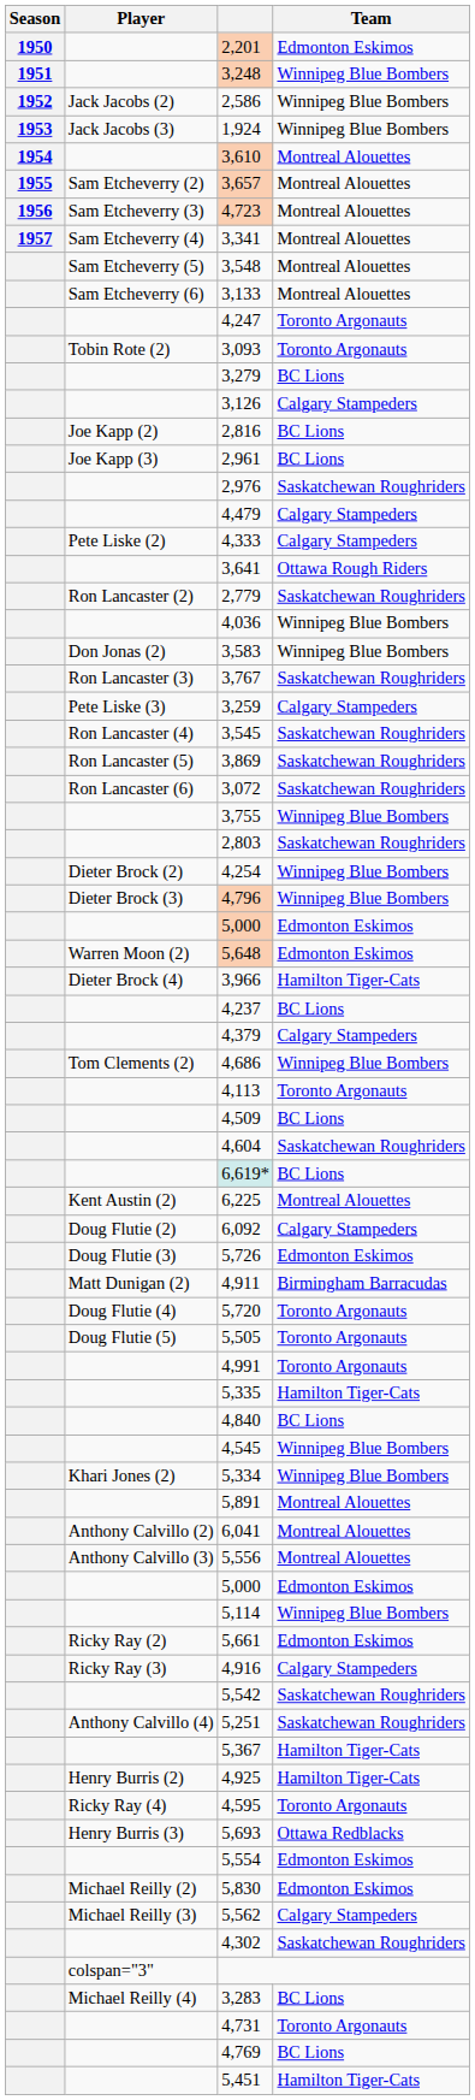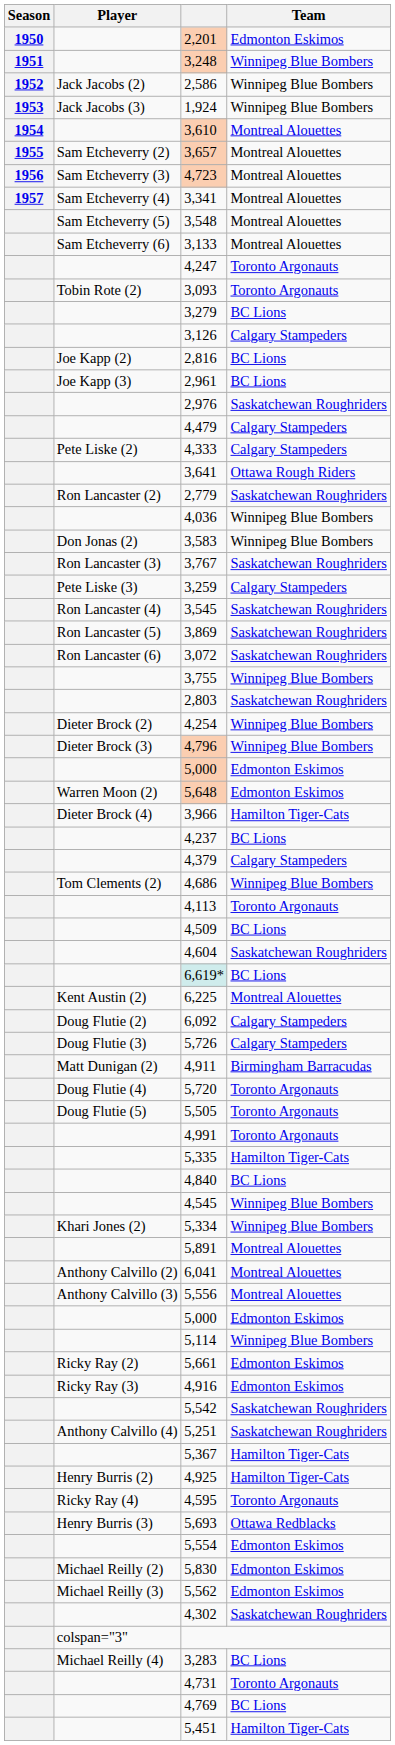 <table class="plainrowheaders sortable wikitable">
 <tr>
 <th scope=col>Season</th>
 <th scope=col>Player</th>
 <th scope=col></th>
 <th scope=col>Team</th>
 </tr>
 <tr>
 <th scope=row><a href='#'>1950</a></th>
 <td></td>
 <td style="background-color:#FBCEB1">2,201</td>
 <td><a href='#'>Edmonton Eskimos</a></td>
 </tr>
 <tr>
 <th scope=row><a href='#'>1951</a></th>
 <td></td>
 <td style="background-color:#FBCEB1">3,248</td>
 <td><a href='#'>Winnipeg Blue Bombers</a></td>
 </tr>
 <tr>
 <th scope=row><a href='#'>1952</a></th>
 <td>Jack Jacobs (2)</td>
 <td>2,586</td>
 <td>Winnipeg Blue Bombers</td>
 </tr>
 <tr>
 <th scope=row><a href='#'>1953</a></th>
 <td>Jack Jacobs (3)</td>
 <td>1,924</td>
 <td>Winnipeg Blue Bombers</td>
 </tr>
 <tr>
 <th scope=row><a href='#'>1954</a></th>
 <td></td>
 <td style="background-color:#FBCEB1">3,610</td>
 <td><a href='#'>Montreal Alouettes</a></td>
 </tr>
 <tr>
 <th scope=row><a href='#'>1955</a></th>
 <td>Sam Etcheverry (2)</td>
 <td style="background-color:#FBCEB1">3,657</td>
 <td>Montreal Alouettes</td>
 </tr>
 <tr>
 <th scope=row><a href='#'>1956</a></th>
 <td>Sam Etcheverry (3)</td>
 <td style="background-color:#FBCEB1">4,723</td>
 <td>Montreal Alouettes</td>
 </tr>
 <tr>
 <th scope=row><a href='#'>1957</a></th>
 <td>Sam Etcheverry (4)</td>
 <td>3,341</td>
 <td>Montreal Alouettes</td>
 </tr>
 <tr>
 <th scope=row></th>
 <td>Sam Etcheverry (5)</td>
 <td>3,548</td>
 <td>Montreal Alouettes</td>
 </tr>
 <tr>
 <th scope=row></th>
 <td>Sam Etcheverry (6)</td>
 <td>3,133</td>
 <td>Montreal Alouettes</td>
 </tr>
 <tr>
 <th scope=row></th>
 <td></td>
 <td>4,247</td>
 <td><a href='#'>Toronto Argonauts</a></td>
 </tr>
 <tr>
 <th scope=row></th>
 <td>Tobin Rote (2)</td>
 <td>3,093</td>
 <td><a href='#'>Toronto Argonauts</a></td>
 </tr>
 <tr>
 <th scope=row></th>
 <td></td>
 <td>3,279</td>
 <td><a href='#'>BC Lions</a></td>
 </tr>
 <tr>
 <th scope=row></th>
 <td></td>
 <td>3,126</td>
 <td><a href='#'>Calgary Stampeders</a></td>
 </tr>
 <tr>
 <th scope=row></th>
 <td>Joe Kapp (2)</td>
 <td>2,816</td>
 <td><a href='#'>BC Lions</a></td>
 </tr>
 <tr>
 <th scope=row></th>
 <td>Joe Kapp (3)</td>
 <td>2,961</td>
 <td><a href='#'>BC Lions</a></td>
 </tr>
 <tr>
 <th scope=row></th>
 <td></td>
 <td>2,976</td>
 <td><a href='#'>Saskatchewan Roughriders</a></td>
 </tr>
 <tr>
 <th scope=row></th>
 <td></td>
 <td>4,479</td>
 <td><a href='#'>Calgary Stampeders</a></td>
 </tr>
 <tr>
 <th scope=row></th>
 <td>Pete Liske (2)</td>
 <td>4,333</td>
 <td><a href='#'>Calgary Stampeders</a></td>
 </tr>
 <tr>
 <th scope=row></th>
 <td></td>
 <td>3,641</td>
 <td><a href='#'>Ottawa Rough Riders</a></td>
 </tr>
 <tr>
 <th scope=row></th>
 <td>Ron Lancaster (2)</td>
 <td>2,779</td>
 <td><a href='#'>Saskatchewan Roughriders</a></td>
 </tr>
 <tr>
 <th scope=row></th>
 <td></td>
 <td>4,036</td>
 <td>Winnipeg Blue Bombers</td>
 </tr>
 <tr>
 <th scope=row></th>
 <td>Don Jonas (2)</td>
 <td>3,583</td>
 <td>Winnipeg Blue Bombers</td>
 </tr>
 <tr>
 <th scope=row></th>
 <td>Ron Lancaster (3)</td>
 <td>3,767</td>
 <td><a href='#'>Saskatchewan Roughriders</a></td>
 </tr>
 <tr>
 <th scope=row></th>
 <td>Pete Liske (3)</td>
 <td>3,259</td>
 <td><a href='#'>Calgary Stampeders</a></td>
 </tr>
 <tr>
 <th scope=row></th>
 <td>Ron Lancaster (4)</td>
 <td>3,545</td>
 <td><a href='#'>Saskatchewan Roughriders</a></td>
 </tr>
 <tr>
 <th scope=row></th>
 <td>Ron Lancaster (5)</td>
 <td>3,869</td>
 <td><a href='#'>Saskatchewan Roughriders</a></td>
 </tr>
 <tr>
 <th scope=row></th>
 <td>Ron Lancaster (6)</td>
 <td>3,072</td>
 <td><a href='#'>Saskatchewan Roughriders</a></td>
 </tr>
 <tr>
 <th scope=row></th>
 <td></td>
 <td>3,755</td>
 <td><a href='#'>Winnipeg Blue Bombers</a></td>
 </tr>
 <tr>
 <th scope=row></th>
 <td></td>
 <td>2,803</td>
 <td><a href='#'>Saskatchewan Roughriders</a></td>
 </tr>
 <tr>
 <th scope=row></th>
 <td>Dieter Brock (2)</td>
 <td>4,254</td>
 <td><a href='#'>Winnipeg Blue Bombers</a></td>
 </tr>
 <tr>
 <th scope=row></th>
 <td>Dieter Brock (3)</td>
 <td style="background-color:#FBCEB1">4,796</td>
 <td><a href='#'>Winnipeg Blue Bombers</a></td>
 </tr>
 <tr>
 <th scope=row></th>
 <td></td>
 <td style="background-color:#FBCEB1">5,000</td>
 <td><a href='#'>Edmonton Eskimos</a></td>
 </tr>
 <tr>
 <th scope=row></th>
 <td>Warren Moon (2)</td>
 <td style="background-color:#FBCEB1">5,648</td>
 <td><a href='#'>Edmonton Eskimos</a></td>
 </tr>
 <tr>
 <th scope=row></th>
 <td>Dieter Brock (4)</td>
 <td>3,966</td>
 <td><a href='#'>Hamilton Tiger-Cats</a></td>
 </tr>
 <tr>
 <th scope=row></th>
 <td></td>
 <td>4,237</td>
 <td><a href='#'>BC Lions</a></td>
 </tr>
 <tr>
 <th scope=row></th>
 <td></td>
 <td>4,379</td>
 <td><a href='#'>Calgary Stampeders</a></td>
 </tr>
 <tr>
 <th scope=row></th>
 <td>Tom Clements (2)</td>
 <td>4,686</td>
 <td><a href='#'>Winnipeg Blue Bombers</a></td>
 </tr>
 <tr>
 <th scope=row></th>
 <td></td>
 <td>4,113</td>
 <td><a href='#'>Toronto Argonauts</a></td>
 </tr>
 <tr>
 <th scope=row></th>
 <td></td>
 <td>4,509</td>
 <td><a href='#'>BC Lions</a></td>
 </tr>
 <tr>
 <th scope=row></th>
 <td></td>
 <td>4,604</td>
 <td><a href='#'>Saskatchewan Roughriders</a></td>
 </tr>
 <tr>
 <th scope=row></th>
 <td></td>
 <td style="background-color:#CFECEC">6,619*</td>
 <td><a href='#'>BC Lions</a></td>
 </tr>
 <tr>
 <th scope=row></th>
 <td>Kent Austin (2)</td>
 <td>6,225</td>
 <td><a href='#'>Montreal Alouettes</a></td>
 </tr>
 <tr>
 <th scope=row></th>
 <td>Doug Flutie (2)</td>
 <td>6,092</td>
 <td><a href='#'>Calgary Stampeders</a></td>
 </tr>
 <tr>
 <th scope=row></th>
 <td>Doug Flutie (3)</td>
 <td>5,726</td>
-<td><a href='#'>Edmonton Eskimos</a></td>
+<td><a href='#'>Calgary Stampeders</a></td>
 </tr>
 <tr>
 <th scope=row></th>
 <td>Matt Dunigan (2)</td>
 <td>4,911</td>
 <td><a href='#'>Birmingham Barracudas</a></td>
 </tr>
 <tr>
 <th scope=row></th>
 <td>Doug Flutie (4)</td>
 <td>5,720</td>
 <td><a href='#'>Toronto Argonauts</a></td>
 </tr>
 <tr>
 <th scope=row></th>
 <td>Doug Flutie (5)</td>
 <td>5,505</td>
 <td><a href='#'>Toronto Argonauts</a></td>
 </tr>
 <tr>
 <th scope=row></th>
 <td></td>
 <td>4,991</td>
 <td><a href='#'>Toronto Argonauts</a></td>
 </tr>
 <tr>
 <th scope=row></th>
 <td></td>
 <td>5,335</td>
 <td><a href='#'>Hamilton Tiger-Cats</a></td>
 </tr>
 <tr>
 <th scope=row></th>
 <td></td>
 <td>4,840</td>
 <td><a href='#'>BC Lions</a></td>
 </tr>
 <tr>
 <th scope=row></th>
 <td></td>
 <td>4,545</td>
 <td><a href='#'>Winnipeg Blue Bombers</a></td>
 </tr>
 <tr>
 <th scope=row></th>
 <td>Khari Jones (2)</td>
 <td>5,334</td>
 <td><a href='#'>Winnipeg Blue Bombers</a></td>
 </tr>
 <tr>
 <th scope=row></th>
 <td></td>
 <td>5,891</td>
 <td><a href='#'>Montreal Alouettes</a></td>
 </tr>
 <tr>
 <th scope=row></th>
 <td>Anthony Calvillo (2)</td>
 <td>6,041</td>
 <td><a href='#'>Montreal Alouettes</a></td>
 </tr>
 <tr>
 <th scope=row></th>
 <td>Anthony Calvillo (3)</td>
 <td>5,556</td>
 <td><a href='#'>Montreal Alouettes</a></td>
 </tr>
 <tr>
 <th scope=row></th>
 <td></td>
 <td>5,000</td>
 <td><a href='#'>Edmonton Eskimos</a></td>
 </tr>
 <tr>
 <th scope=row></th>
 <td></td>
 <td>5,114</td>
 <td><a href='#'>Winnipeg Blue Bombers</a></td>
 </tr>
 <tr>
 <th scope=row></th>
 <td>Ricky Ray (2)</td>
 <td>5,661</td>
 <td><a href='#'>Edmonton Eskimos</a></td>
 </tr>
 <tr>
 <th scope=row></th>
 <td>Ricky Ray (3)</td>
 <td>4,916</td>
-<td><a href='#'>Calgary Stampeders</a></td>
+<td><a href='#'>Edmonton Eskimos</a></td>
 </tr>
 <tr>
 <th scope=row></th>
 <td></td>
 <td>5,542</td>
 <td><a href='#'>Saskatchewan Roughriders</a></td>
 </tr>
 <tr>
 <th scope=row></th>
 <td>Anthony Calvillo (4)</td>
 <td>5,251</td>
 <td><a href='#'>Saskatchewan Roughriders</a></td>
 </tr>
 <tr>
 <th scope=row></th>
 <td></td>
 <td>5,367</td>
 <td><a href='#'>Hamilton Tiger-Cats</a></td>
 </tr>
 <tr>
 <th scope=row></th>
 <td>Henry Burris (2)</td>
 <td>4,925</td>
 <td><a href='#'>Hamilton Tiger-Cats</a></td>
 </tr>
 <tr>
 <th scope=row></th>
 <td>Ricky Ray (4)</td>
 <td>4,595</td>
 <td><a href='#'>Toronto Argonauts</a></td>
 </tr>
 <tr>
 <th scope=row></th>
 <td>Henry Burris (3)</td>
 <td>5,693</td>
 <td><a href='#'>Ottawa Redblacks</a></td>
 </tr>
 <tr>
 <th scope=row></th>
 <td></td>
 <td>5,554</td>
 <td><a href='#'>Edmonton Eskimos</a></td>
 </tr>
 <tr>
 <th scope=row></th>
 <td>Michael Reilly (2)</td>
 <td>5,830</td>
 <td><a href='#'>Edmonton Eskimos</a></td>
 </tr>
 <tr>
 <th scope=row></th>
 <td>Michael Reilly (3)</td>
 <td>5,562</td>
-<td><a href='#'>Calgary Stampeders</a></td>
+<td><a href='#'>Edmonton Eskimos</a></td>
 </tr>
 <tr>
 <th scope=row></th>
 <td></td>
 <td>4,302</td>
 <td><a href='#'>Saskatchewan Roughriders</a></td>
 </tr>
 <tr>
 <th scope=row></th>
 <td>colspan="3" </td>
 </tr>
 <tr>
 <th scope=row></th>
 <td>Michael Reilly (4)</td>
 <td>3,283</td>
 <td><a href='#'>BC Lions</a></td>
 </tr>
 <tr>
 <th scope=row></th>
 <td></td>
 <td>4,731</td>
 <td><a href='#'>Toronto Argonauts</a></td>
 </tr>
 <tr>
 <th scope=row></th>
 <td></td>
 <td>4,769</td>
 <td><a href='#'>BC Lions</a></td>
 </tr>
 <tr>
 <th scope=row></th>
 <td></td>
 <td>5,451</td>
 <td><a href='#'>Hamilton Tiger-Cats</a></td>
 </tr>
 </table>
